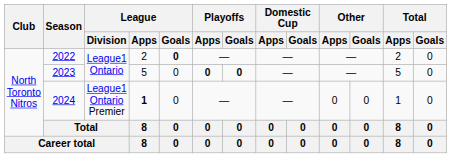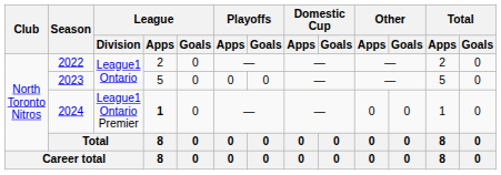 <table class="wikitable" style="text-align: center;">
 <tr>
 <th rowspan="2">Club</th>
 <th rowspan="2">Season</th>
 <th colspan="3">League</th>
 <th colspan="2">Playoffs</th>
 <th colspan="2">Domestic Cup</th>
 <th colspan="2">Other</th>
 <th colspan="2">Total</th>
 </tr>
 <tr>
 <th>Division</th>
 <th>Apps</th>
 <th>Goals</th>
 <th>Apps</th>
 <th>Goals</th>
 <th>Apps</th>
 <th>Goals</th>
 <th>Apps</th>
 <th>Goals</th>
 <th>Apps</th>
 <th>Goals</th>
 </tr>
 <tr>
 <td rowspan="4"><a href='#'>North Toronto Nitros</a></td>
 <td><a href='#'>2022</a></td>
 <td rowspan="2"><a href='#'>League1 Ontario</a></td>
 <td>2</td>
-<td><strong>0</strong></td>
+<td>0</td>
 <td colspan="2">—</td>
 <td colspan="2">—</td>
 <td colspan="2">—</td>
 <td>2</td>
 <td>0</td>
 </tr>
 <tr>
 <td><a href='#'>2023</a></td>
 <td>5</td>
 <td>0</td>
-<td><strong>0</strong></td>
-<td><strong>0</strong></td>
+<td>0</td>
+<td>0</td>
 <td colspan="2">—</td>
 <td colspan="2">—</td>
 <td>5</td>
 <td>0</td>
 </tr>
 <tr>
 <td><a href='#'>2024</a></td>
 <td><a href='#'>League1 Ontario</a> Premier</td>
 <td><strong>1</strong></td>
 <td>0</td>
 <td colspan="2">—</td>
 <td colspan="2">—</td>
 <td>0</td>
 <td>0</td>
 <td>1</td>
 <td>0</td>
 </tr>
 <tr>
 <th colspan="2">Total</th>
 <th>8</th>
 <th>0</th>
 <th>0</th>
 <th>0</th>
 <th>0</th>
 <th>0</th>
 <th>0</th>
 <th>0</th>
 <th>8</th>
 <th>0</th>
 </tr>
 <tr>
 <th colspan="3">Career total</th>
 <th>8</th>
 <th>0</th>
 <th>0</th>
 <th>0</th>
 <th>0</th>
 <th>0</th>
 <th>0</th>
 <th>0</th>
 <th>8</th>
 <th>0</th>
 </tr>
 </table>
